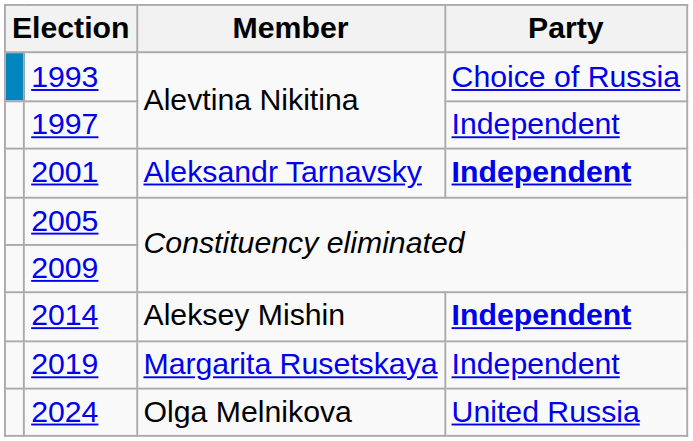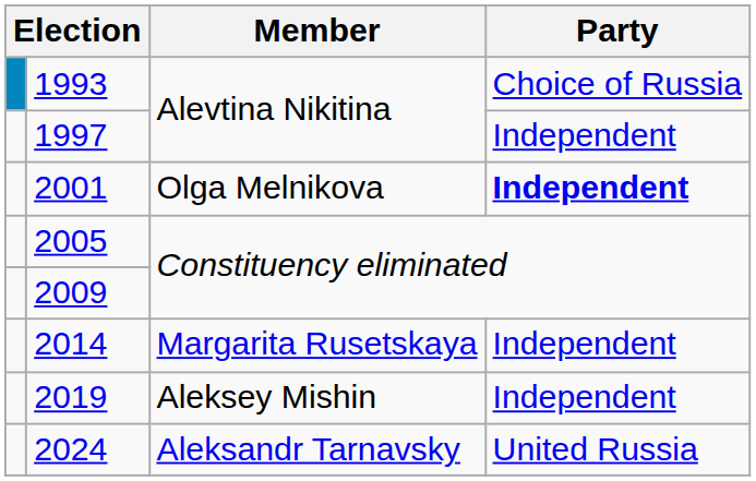 <table class="wikitable">
 <tr>
 <th colspan="2">Election</th>
 <th>Member</th>
 <th>Party</th>
 </tr>
 <tr>
 <td style="background-color:#0085BE"></td>
 <td><a href='#'>1993</a></td>
 <td rowspan=2>Alevtina Nikitina</td>
 <td><a href='#'>Choice of Russia</a></td>
 </tr>
 <tr>
 <td style="background-color:"></td>
 <td><a href='#'>1997</a></td>
 <td><a href='#'>Independent</a></td>
 </tr>
 <tr>
 <td style="background-color:"></td>
 <td><a href='#'>2001</a></td>
-<td><a href='#'>Aleksandr Tarnavsky</a></td>
+<td>Olga Melnikova</td>
 <td><strong><a href='#'>Independent</a></strong></td>
 </tr>
 <tr>
 <td style="background-color:"></td>
 <td><a href='#'>2005</a></td>
 <td colspan=2 rowspan=2><em>Constituency eliminated</em></td>
 </tr>
 <tr>
 <td style="background-color:"></td>
 <td><a href='#'>2009</a></td>
 </tr>
 <tr>
 <td style="background-color:"></td>
 <td><a href='#'>2014</a></td>
-<td>Aleksey Mishin</td>
-<td><strong><a href='#'>Independent</a></strong></td>
-</tr>
-<tr>
-<td style="background-color:"></td>
-<td><a href='#'>2019</a></td>
 <td><a href='#'>Margarita Rusetskaya</a></td>
 <td><a href='#'>Independent</a></td>
 </tr>
 <tr>
 <td style="background-color:"></td>
+<td><a href='#'>2019</a></td>
+<td>Aleksey Mishin</td>
+<td><a href='#'>Independent</a></td>
+</tr>
+<tr>
+<td style="background-color:"></td>
 <td><a href='#'>2024</a></td>
-<td>Olga Melnikova</td>
+<td><a href='#'>Aleksandr Tarnavsky</a></td>
 <td><a href='#'>United Russia</a></td>
 </tr>
 </table>
